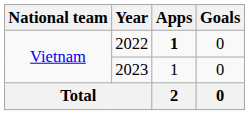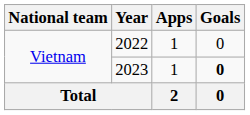 <table class=wikitable style=text-align:center>
 <tr>
 <th>National team</th>
 <th>Year</th>
 <th>Apps</th>
 <th>Goals</th>
 </tr>
 <tr>
 <td rowspan=2><a href='#'>Vietnam</a></td>
 <td>2022</td>
-<td><strong>1</strong></td>
+<td>1</td>
 <td>0</td>
 </tr>
 <tr>
 <td>2023</td>
 <td>1</td>
-<td>0</td>
+<td><strong>0</strong></td>
 </tr>
 <tr>
 <th colspan=2>Total</th>
 <th>2</th>
 <th>0</th>
 </tr>
 </table>
